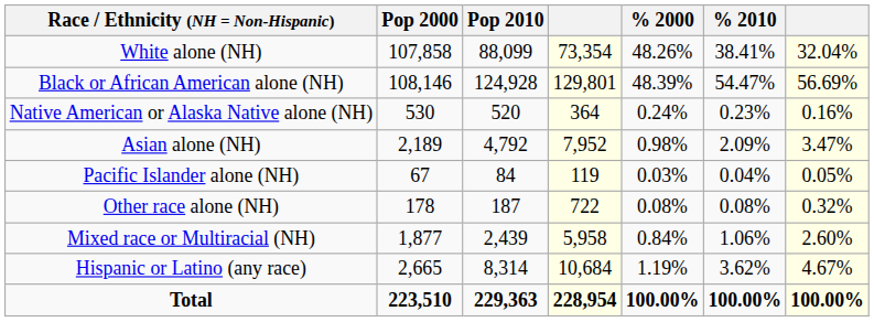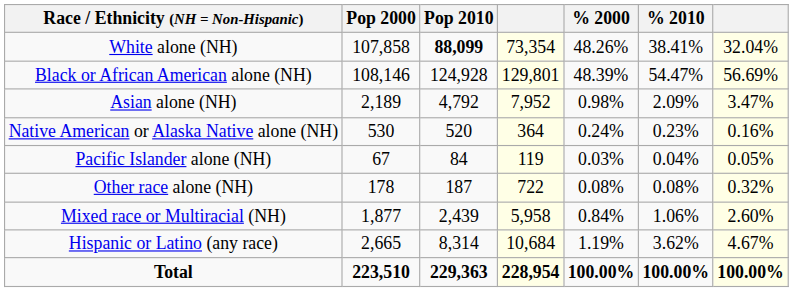 <table class="wikitable" style="text-align:center;">
 <tr>
 <th>Race / Ethnicity <small>(<em>NH = Non-Hispanic</em>)</small></th>
 <th>Pop 2000</th>
 <th>Pop 2010</th>
 <th></th>
 <th>% 2000</th>
 <th>% 2010</th>
 <th></th>
 </tr>
 <tr>
 <td><a href='#'>White</a> alone (NH)</td>
 <td>107,858</td>
-<td>88,099</td>
+<td><strong>88,099</strong></td>
 <td style='background: #ffffe6;'>73,354</td>
 <td>48.26%</td>
 <td>38.41%</td>
 <td style='background: #ffffe6;'>32.04%</td>
 </tr>
 <tr>
 <td><a href='#'>Black or African American</a> alone (NH)</td>
 <td>108,146</td>
 <td>124,928</td>
 <td style='background: #ffffe6;'>129,801</td>
 <td>48.39%</td>
 <td>54.47%</td>
 <td style='background: #ffffe6;'>56.69%</td>
 </tr>
 <tr>
+<td><a href='#'>Asian</a> alone (NH)</td>
+<td>2,189</td>
+<td>4,792</td>
+<td style='background: #ffffe6;'>7,952</td>
+<td>0.98%</td>
+<td>2.09%</td>
+<td style='background: #ffffe6;'>3.47%</td>
+</tr>
+<tr>
 <td><a href='#'>Native American</a> or <a href='#'>Alaska Native</a> alone (NH)</td>
 <td>530</td>
 <td>520</td>
 <td style='background: #ffffe6;'>364</td>
 <td>0.24%</td>
 <td>0.23%</td>
 <td style='background: #ffffe6;'>0.16%</td>
-</tr>
-<tr>
-<td><a href='#'>Asian</a> alone (NH)</td>
-<td>2,189</td>
-<td>4,792</td>
-<td style='background: #ffffe6;'>7,952</td>
-<td>0.98%</td>
-<td>2.09%</td>
-<td style='background: #ffffe6;'>3.47%</td>
 </tr>
 <tr>
 <td><a href='#'>Pacific Islander</a> alone (NH)</td>
 <td>67</td>
 <td>84</td>
 <td style='background: #ffffe6;'>119</td>
 <td>0.03%</td>
 <td>0.04%</td>
 <td style='background: #ffffe6;'>0.05%</td>
 </tr>
 <tr>
 <td><a href='#'>Other race</a> alone (NH)</td>
 <td>178</td>
 <td>187</td>
 <td style='background: #ffffe6;'>722</td>
 <td>0.08%</td>
 <td>0.08%</td>
 <td style='background: #ffffe6;'>0.32%</td>
 </tr>
 <tr>
 <td><a href='#'>Mixed race or Multiracial</a> (NH)</td>
 <td>1,877</td>
 <td>2,439</td>
 <td style='background: #ffffe6;'>5,958</td>
 <td>0.84%</td>
 <td>1.06%</td>
 <td style='background: #ffffe6;'>2.60%</td>
 </tr>
 <tr>
 <td><a href='#'>Hispanic or Latino</a> (any race)</td>
 <td>2,665</td>
 <td>8,314</td>
 <td style='background: #ffffe6;'>10,684</td>
 <td>1.19%</td>
 <td>3.62%</td>
 <td style='background: #ffffe6;'>4.67%</td>
 </tr>
 <tr>
 <td><strong>Total</strong></td>
 <td><strong>223,510</strong></td>
 <td><strong>229,363</strong></td>
 <td style='background: #ffffe6;'><strong>228,954</strong></td>
 <td><strong>100.00%</strong></td>
 <td><strong>100.00%</strong></td>
 <td style='background: #ffffe6;'><strong>100.00%</strong></td>
 </tr>
 </table>
